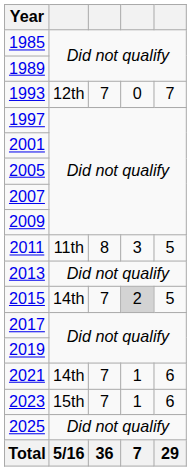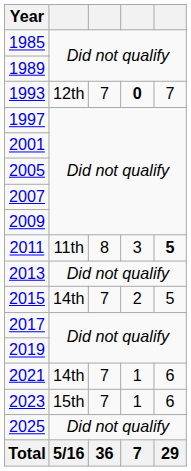 <table class="wikitable" style="text-align:center">
 <tr>
 <th>Year</th>
 <th></th>
 <th width=25></th>
 <th width=25></th>
 <th width=25></th>
 </tr>
 <tr>
 <td> <a href='#'>1985</a></td>
 <td rowspan=2 colspan=4><em>Did not qualify</em></td>
 </tr>
 <tr>
 <td> <a href='#'>1989</a></td>
 </tr>
 <tr>
 <td> <a href='#'>1993</a></td>
 <td>12th</td>
 <td>7</td>
-<td>0</td>
+<td><strong>0</strong></td>
 <td>7</td>
 </tr>
 <tr>
 <td> <a href='#'>1997</a></td>
 <td rowspan=5 colspan=4><em>Did not qualify</em></td>
 </tr>
 <tr>
 <td> <a href='#'>2001</a></td>
 </tr>
 <tr>
 <td> <a href='#'>2005</a></td>
 </tr>
 <tr>
 <td> <a href='#'>2007</a></td>
 </tr>
 <tr>
 <td> <a href='#'>2009</a></td>
 </tr>
 <tr>
 <td> <a href='#'>2011</a></td>
 <td>11th</td>
 <td>8</td>
 <td>3</td>
-<td>5</td>
+<td><strong>5</strong></td>
 </tr>
 <tr>
 <td> <a href='#'>2013</a></td>
 <td colspan=4><em>Did not qualify</em></td>
 </tr>
 <tr>
 <td> <a href='#'>2015</a></td>
 <td>14th</td>
 <td>7</td>
-<td style="background: lightgrey;">2</td>
+<td>2</td>
 <td>5</td>
 </tr>
 <tr>
 <td> <a href='#'>2017</a></td>
 <td rowspan=2 colspan=4><em>Did not qualify</em></td>
 </tr>
 <tr>
 <td> <a href='#'>2019</a></td>
 </tr>
 <tr>
 <td> <a href='#'>2021</a></td>
 <td>14th</td>
 <td>7</td>
 <td>1</td>
 <td>6</td>
 </tr>
 <tr>
 <td> <a href='#'>2023</a></td>
 <td>15th</td>
 <td>7</td>
 <td>1</td>
 <td>6</td>
 </tr>
 <tr>
 <td> <a href='#'>2025</a></td>
 <td colspan=4><em>Did not qualify</em></td>
 </tr>
 <tr>
 <th>Total</th>
 <th>5/16</th>
 <th>36</th>
 <th>7</th>
 <th>29</th>
 </tr>
 </table>
